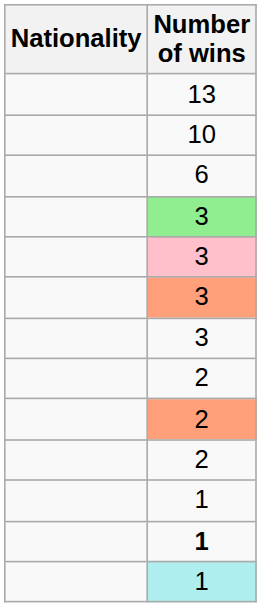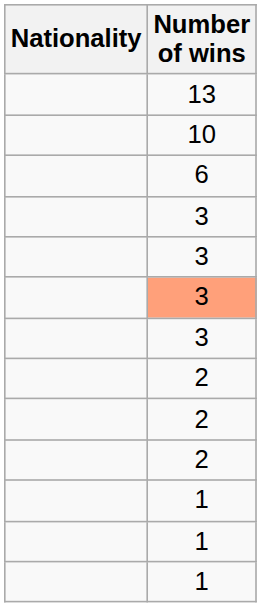 <table class="wikitable">
 <tr>
 <th>Nationality</th>
 <th>Number<br>of wins</th>
 </tr>
 <tr>
 <td></td>
 <td align=center>13</td>
 </tr>
 <tr>
 <td></td>
 <td align=center>10</td>
 </tr>
 <tr>
 <td></td>
 <td align=center>6</td>
 </tr>
 <tr>
 <td></td>
-<td align=center style="background: lightgreen;">3</td>
+<td align=center>3</td>
 </tr>
 <tr>
 <td></td>
-<td align=center style="background: pink;">3</td>
+<td align=center>3</td>
 </tr>
 <tr>
 <td></td>
 <td align=center style="background: lightsalmon;">3</td>
 </tr>
 <tr>
 <td></td>
 <td align=center>3</td>
 </tr>
 <tr>
 <td></td>
 <td align=center>2</td>
 </tr>
 <tr>
 <td></td>
-<td align=center style="background: lightsalmon;">2</td>
+<td align=center>2</td>
 </tr>
 <tr>
 <td></td>
 <td align=center>2</td>
 </tr>
 <tr>
 <td></td>
 <td align=center>1</td>
 </tr>
 <tr>
 <td></td>
-<td align=center><strong>1</strong></td>
+<td align=center>1</td>
 </tr>
 <tr>
 <td></td>
-<td align=center style="background: paleturquoise;">1</td>
+<td align=center>1</td>
 </tr>
 </table>
